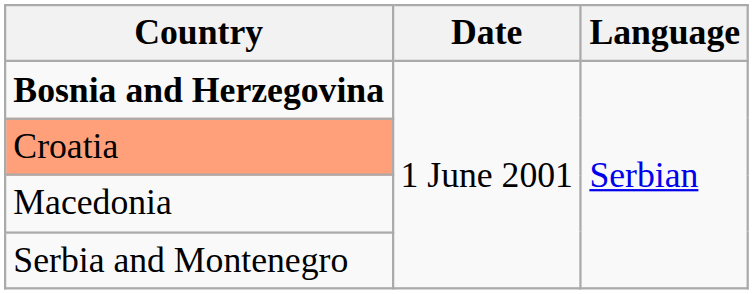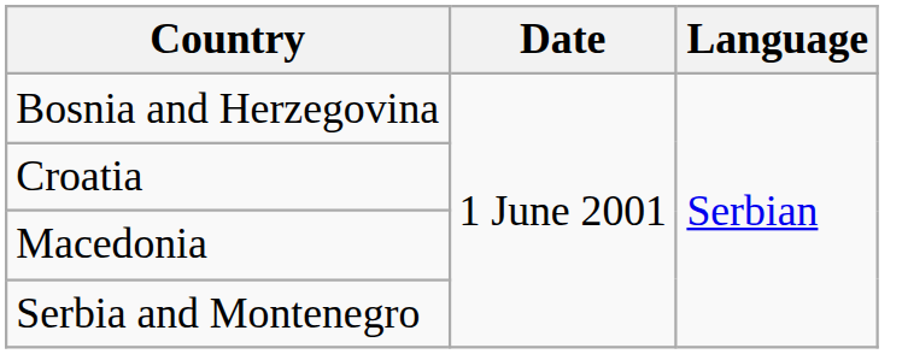 <table class="wikitable">
 <tr>
 <th>Country</th>
 <th>Date</th>
 <th>Language</th>
 </tr>
 <tr>
-<td><strong>Bosnia and Herzegovina</strong></td>
+<td>Bosnia and Herzegovina</td>
 <td rowspan="4">1 June 2001</td>
 <td rowspan="4"><a href='#'>Serbian</a></td>
 </tr>
 <tr>
-<td style="background: lightsalmon;">Croatia</td>
+<td>Croatia</td>
 </tr>
 <tr>
 <td>Macedonia</td>
 </tr>
 <tr>
 <td>Serbia and Montenegro</td>
 </tr>
 </table>
